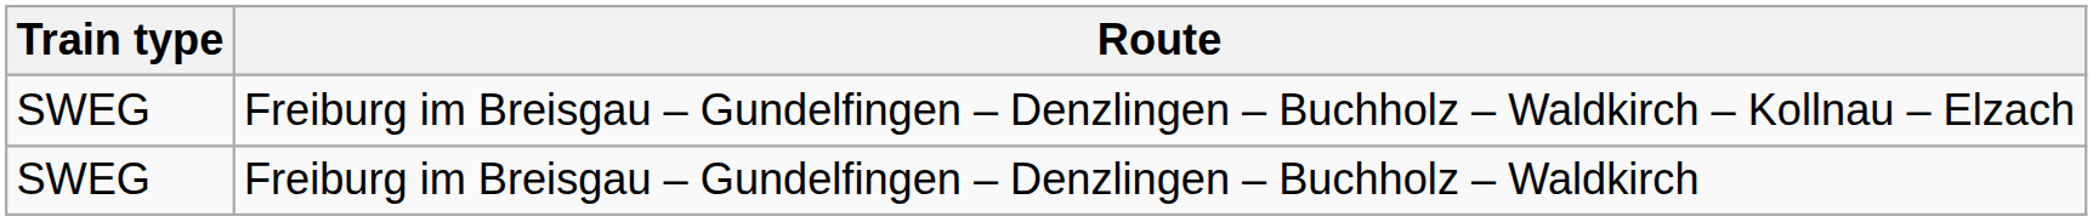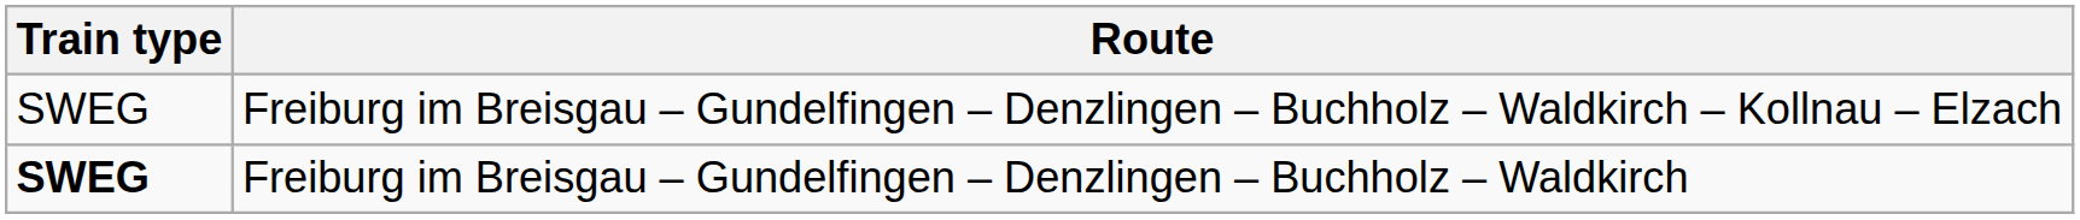 <table class="wikitable">
 <tr>
 <th>Train type</th>
 <th>Route</th>
 </tr>
 <tr>
 <td>SWEG</td>
 <td>Freiburg im Breisgau – Gundelfingen – Denzlingen – Buchholz – Waldkirch – Kollnau – Elzach</td>
 </tr>
 <tr>
-<td>SWEG</td>
+<td><strong>SWEG</strong></td>
 <td>Freiburg im Breisgau – Gundelfingen – Denzlingen – Buchholz – Waldkirch</td>
 </tr>
 </table>
